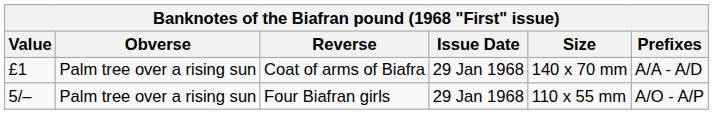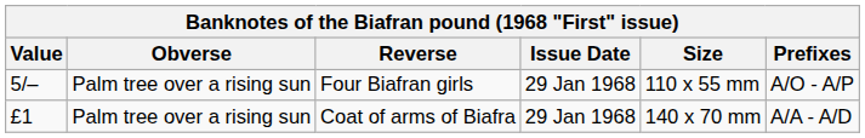 <table class="wikitable" style="font-size: 90%">
 <tr>
 <th colspan="6">Banknotes of the Biafran pound (1968 "First" issue)</th>
 </tr>
 <tr>
 <th>Value</th>
 <th>Obverse</th>
 <th>Reverse</th>
 <th>Issue Date</th>
 <th>Size</th>
 <th>Prefixes</th>
 </tr>
 <tr>
+<td>5/–</td>
+<td>Palm tree over a rising sun</td>
+<td>Four Biafran girls</td>
+<td>29 Jan 1968</td>
+<td>110 x 55 mm</td>
+<td>A/O - A/P</td>
+</tr>
+<tr>
 <td>£1</td>
 <td>Palm tree over a rising sun</td>
 <td>Coat of arms of Biafra</td>
 <td>29 Jan 1968</td>
 <td>140 x 70 mm</td>
 <td>A/A - A/D</td>
 </tr>
-<tr>
-<td>5/–</td>
-<td>Palm tree over a rising sun</td>
-<td>Four Biafran girls</td>
-<td>29 Jan 1968</td>
-<td>110 x 55 mm</td>
-<td>A/O - A/P</td>
-</tr>
 </table>
